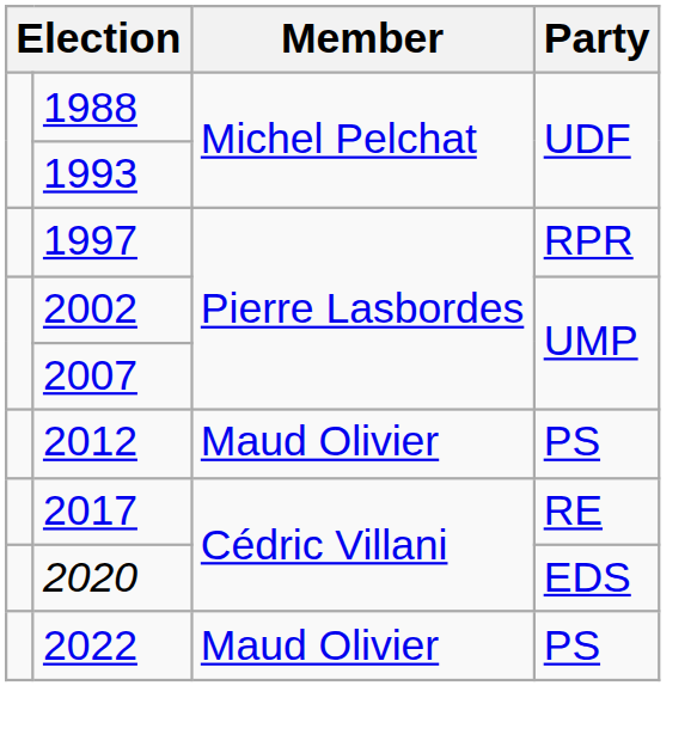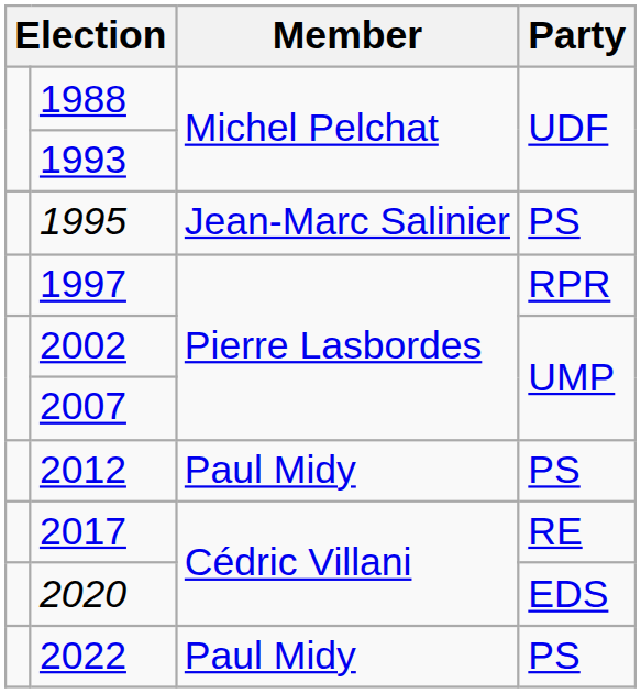 <table class="wikitable">
 <tr>
 <th colspan="2">Election</th>
 <th>Member</th>
 <th>Party</th>
 </tr>
 <tr>
 <td rowspan="2" style="color:inherit;background-color: "></td>
 <td><a href='#'>1988</a></td>
 <td rowspan="2"><a href='#'>Michel Pelchat</a></td>
 <td rowspan="2"><a href='#'>UDF</a></td>
 </tr>
 <tr>
 <td><a href='#'>1993</a></td>
+</tr>
+<tr>
+<td style="color:inherit;background-color: "></td>
+<td><em>1995</em></td>
+<td><a href='#'>Jean-Marc Salinier</a></td>
+<td><a href='#'>PS</a></td>
 </tr>
 <tr>
 <td style="color:inherit;background-color: "></td>
 <td><a href='#'>1997</a></td>
 <td rowspan="3"><a href='#'>Pierre Lasbordes</a></td>
 <td><a href='#'>RPR</a></td>
 </tr>
 <tr>
 <td rowspan="2" style="color:inherit;background-color: "></td>
 <td><a href='#'>2002</a></td>
 <td rowspan="2"><a href='#'>UMP</a></td>
 </tr>
 <tr>
 <td><a href='#'>2007</a></td>
 </tr>
 <tr>
 <td style="color:inherit;background-color: "></td>
 <td><a href='#'>2012</a></td>
-<td><a href='#'>Maud Olivier</a></td>
+<td><a href='#'>Paul Midy</a></td>
 <td><a href='#'>PS</a></td>
 </tr>
 <tr>
 <td style="color:inherit;background-color: "></td>
 <td><a href='#'>2017</a></td>
 <td rowspan=2><a href='#'>Cédric Villani</a></td>
 <td><a href='#'>RE</a></td>
 </tr>
 <tr>
 <td style="color:inherit;background-color: "></td>
 <td><em>2020</em></td>
 <td><a href='#'>EDS</a></td>
 </tr>
 <tr>
 <td style="color:inherit;background-color: "></td>
 <td><a href='#'>2022</a></td>
-<td><a href='#'>Maud Olivier</a></td>
+<td><a href='#'>Paul Midy</a></td>
 <td><a href='#'>PS</a></td>
 </tr>
 </table>
